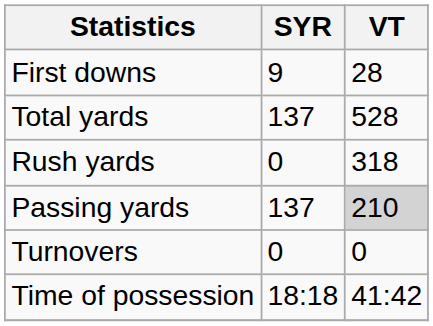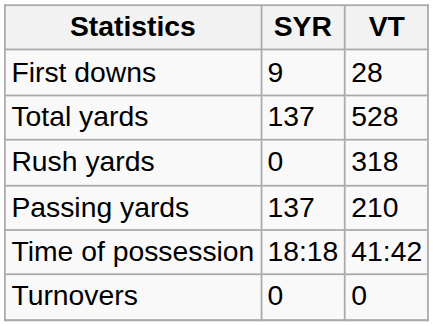 <table class="wikitable" style="float: left;">
 <tr>
 <th>Statistics</th>
 <th>SYR</th>
 <th>VT</th>
 </tr>
 <tr>
 <td>First downs</td>
 <td>9</td>
 <td>28</td>
 </tr>
 <tr>
 <td>Total yards</td>
 <td>137</td>
 <td>528</td>
 </tr>
 <tr>
 <td>Rush yards</td>
 <td>0</td>
 <td>318</td>
 </tr>
 <tr>
 <td>Passing yards</td>
 <td>137</td>
-<td style="background: lightgrey;">210</td>
+<td>210</td>
+</tr>
+<tr>
+<td>Time of possession</td>
+<td>18:18</td>
+<td>41:42</td>
 </tr>
 <tr>
 <td>Turnovers</td>
 <td>0</td>
 <td>0</td>
 </tr>
 <tr>
-<td>Time of possession</td>
-<td>18:18</td>
-<td>41:42</td>
-</tr>
-<tr>
 </tr>
 </table>
